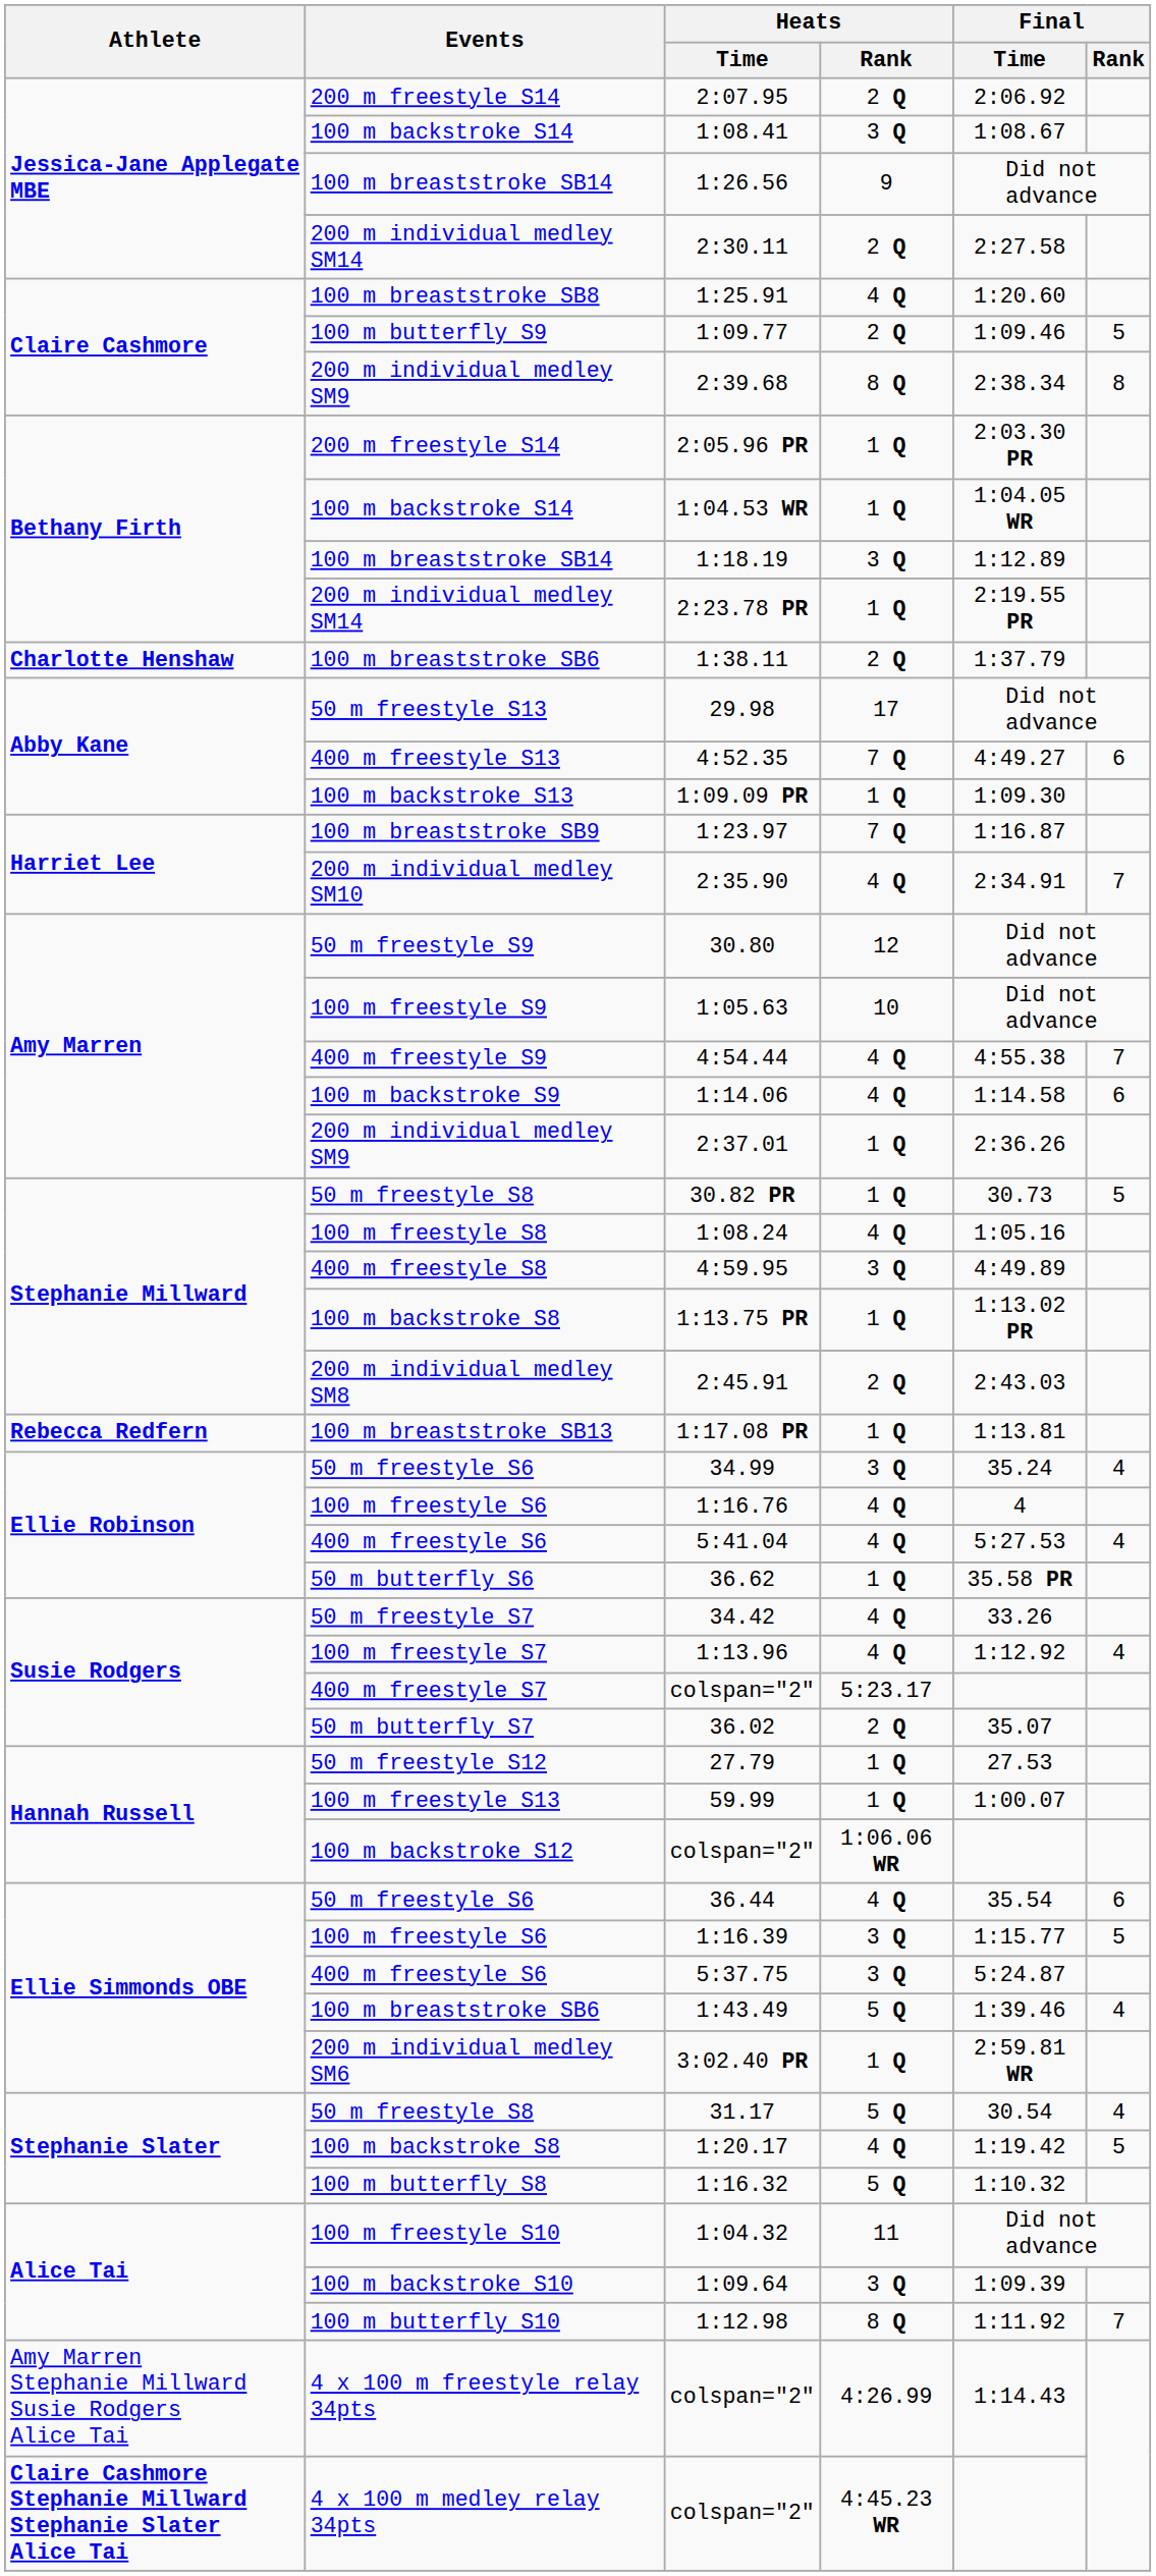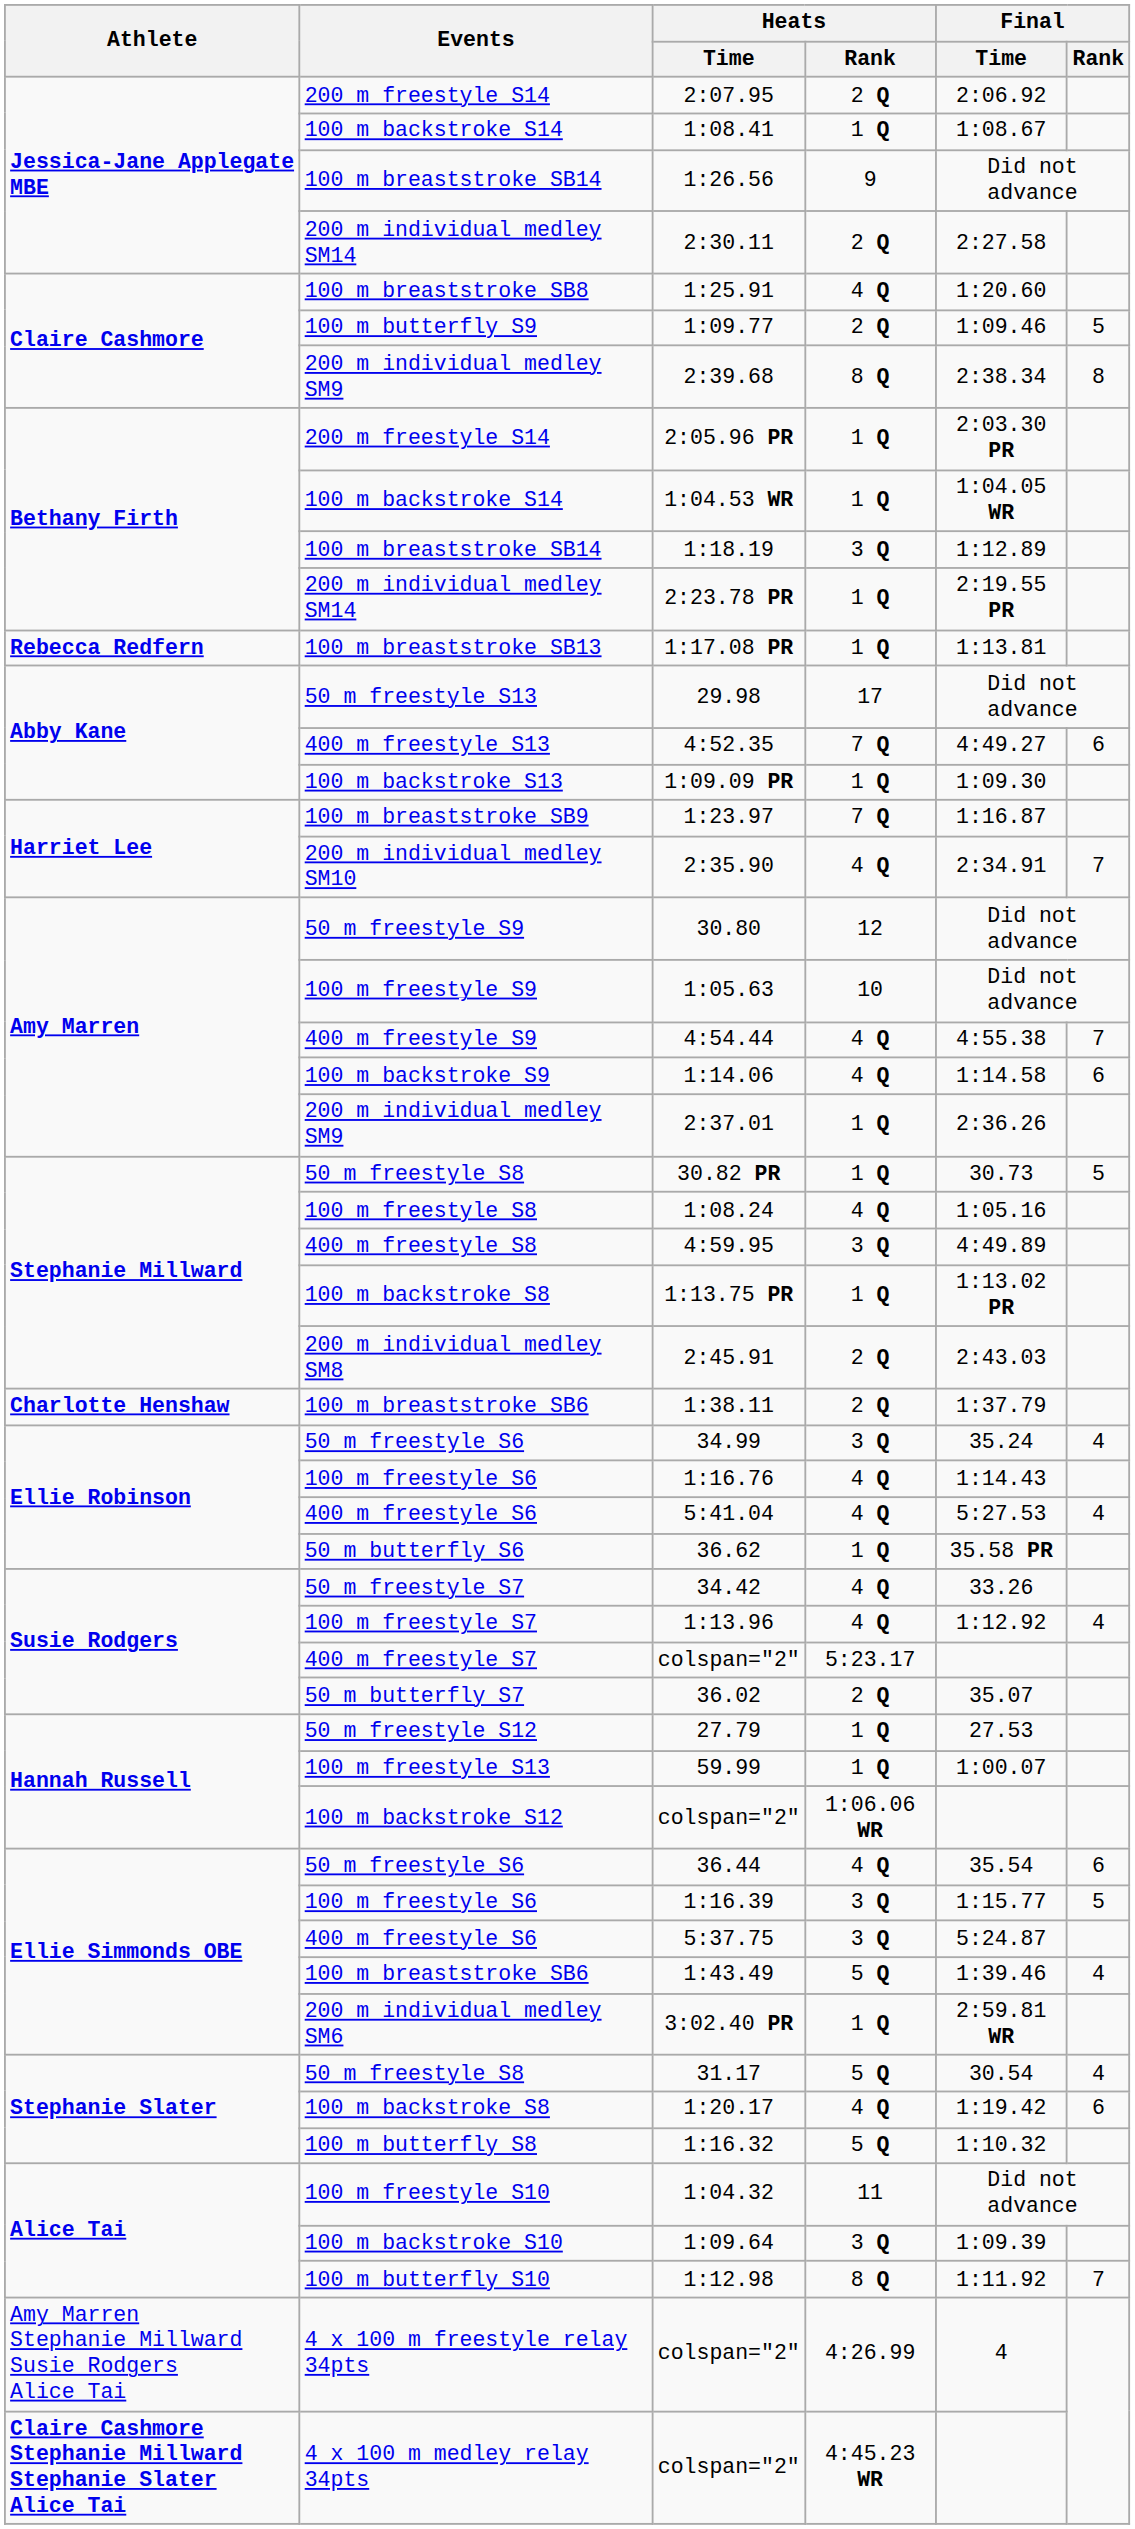 <table class=wikitable style="font-size:90%">
 <tr>
 <th rowspan="2">Athlete</th>
 <th rowspan="2">Events</th>
 <th colspan="2">Heats</th>
 <th colspan="2">Final</th>
 </tr>
 <tr>
 <th>Time</th>
 <th>Rank</th>
 <th>Time</th>
 <th>Rank</th>
 </tr>
 <tr align=center>
 <td style="text-align:left;" rowspan="4"><strong><a href='#'>Jessica-Jane Applegate MBE</a></strong></td>
 <td align=left><a href='#'>200 m freestyle S14</a></td>
 <td>2:07.95</td>
 <td>2 <strong>Q</strong></td>
 <td>2:06.92</td>
 <td></td>
 </tr>
 <tr align=center>
 <td align=left><a href='#'>100 m backstroke S14</a></td>
 <td>1:08.41</td>
-<td>3 <strong>Q</strong></td>
+<td>1 <strong>Q</strong></td>
 <td>1:08.67</td>
 <td></td>
 </tr>
 <tr align=center>
 <td align=left><a href='#'>100 m breaststroke SB14</a></td>
 <td>1:26.56</td>
 <td>9</td>
 <td colspan="2">Did not advance</td>
 </tr>
 <tr align=center>
 <td align=left><a href='#'>200 m individual medley SM14</a></td>
 <td>2:30.11</td>
 <td>2 <strong>Q</strong></td>
 <td>2:27.58</td>
 <td></td>
 </tr>
 <tr align=center>
 <td style="text-align:left;" rowspan="3"><strong><a href='#'>Claire Cashmore</a></strong></td>
 <td align=left><a href='#'>100 m breaststroke SB8</a></td>
 <td>1:25.91</td>
 <td>4 <strong>Q</strong></td>
 <td>1:20.60</td>
 <td></td>
 </tr>
 <tr align=center>
 <td align=left><a href='#'>100 m butterfly S9</a></td>
 <td>1:09.77</td>
 <td>2 <strong>Q</strong></td>
 <td>1:09.46</td>
 <td>5</td>
 </tr>
 <tr align=center>
 <td align=left><a href='#'>200 m individual medley SM9</a></td>
 <td>2:39.68</td>
 <td>8 <strong>Q</strong></td>
 <td>2:38.34</td>
 <td>8</td>
 </tr>
 <tr align=center>
 <td style="text-align:left;" rowspan="4"><strong><a href='#'>Bethany Firth</a></strong></td>
 <td align=left><a href='#'>200 m freestyle S14</a></td>
 <td>2:05.96 <strong>PR</strong></td>
 <td>1 <strong>Q</strong></td>
 <td>2:03.30 <strong>PR</strong></td>
 <td></td>
 </tr>
 <tr align=center>
 <td align=left><a href='#'>100 m backstroke S14</a></td>
 <td>1:04.53 <strong>WR</strong></td>
 <td>1 <strong>Q</strong></td>
 <td>1:04.05 <strong>WR</strong></td>
 <td></td>
 </tr>
 <tr align=center>
 <td align=left><a href='#'>100 m breaststroke SB14</a></td>
 <td>1:18.19</td>
 <td>3 <strong>Q</strong></td>
 <td>1:12.89</td>
 <td></td>
 </tr>
 <tr align=center>
 <td align=left><a href='#'>200 m individual medley SM14</a></td>
 <td>2:23.78 <strong>PR</strong></td>
 <td>1 <strong>Q</strong></td>
 <td>2:19.55 <strong>PR</strong></td>
 <td></td>
 </tr>
 <tr align=center>
-<td align=left><strong><a href='#'>Charlotte Henshaw</a></strong></td>
-<td align=left><a href='#'>100 m breaststroke SB6</a></td>
-<td>1:38.11</td>
-<td>2 <strong>Q</strong></td>
-<td>1:37.79</td>
+<td align=left><strong><a href='#'>Rebecca Redfern</a></strong></td>
+<td align=left><a href='#'>100 m breaststroke SB13</a></td>
+<td>1:17.08 <strong>PR</strong></td>
+<td>1 <strong>Q</strong></td>
+<td>1:13.81</td>
 <td></td>
 </tr>
 <tr align=center>
 <td style="text-align:left;" rowspan="3"><strong><a href='#'>Abby Kane</a></strong></td>
 <td align=left><a href='#'>50 m freestyle S13</a></td>
 <td>29.98</td>
 <td>17</td>
 <td colspan="2">Did not advance</td>
 </tr>
 <tr align=center>
 <td align=left><a href='#'>400 m freestyle S13</a></td>
 <td>4:52.35</td>
 <td>7 <strong>Q</strong></td>
 <td>4:49.27</td>
 <td>6</td>
 </tr>
 <tr align=center>
 <td align=left><a href='#'>100 m backstroke S13</a></td>
 <td>1:09.09 <strong>PR</strong></td>
 <td>1 <strong>Q</strong></td>
 <td>1:09.30</td>
 <td></td>
 </tr>
 <tr align=center>
 <td style="text-align:left;" rowspan="2"><strong><a href='#'>Harriet Lee</a></strong></td>
 <td align=left><a href='#'>100 m breaststroke SB9</a></td>
 <td>1:23.97</td>
 <td>7 <strong>Q</strong></td>
 <td>1:16.87</td>
 <td></td>
 </tr>
 <tr align=center>
 <td align=left><a href='#'>200 m individual medley SM10</a></td>
 <td>2:35.90</td>
 <td>4 <strong>Q</strong></td>
 <td>2:34.91</td>
 <td>7</td>
 </tr>
 <tr align=center>
 <td style="text-align:left;" rowspan="5"><strong><a href='#'>Amy Marren</a></strong></td>
 <td align=left><a href='#'>50 m freestyle S9</a></td>
 <td>30.80</td>
 <td>12</td>
 <td colspan="2">Did not advance</td>
 </tr>
 <tr align=center>
 <td align=left><a href='#'>100 m freestyle S9</a></td>
 <td>1:05.63</td>
 <td>10</td>
 <td colspan="2">Did not advance</td>
 </tr>
 <tr align=center>
 <td align=left><a href='#'>400 m freestyle S9</a></td>
 <td>4:54.44</td>
 <td>4 <strong>Q</strong></td>
 <td>4:55.38</td>
 <td>7</td>
 </tr>
 <tr align=center>
 <td align=left><a href='#'>100 m backstroke S9</a></td>
 <td>1:14.06</td>
 <td>4 <strong>Q</strong></td>
 <td>1:14.58</td>
 <td>6</td>
 </tr>
 <tr align=center>
 <td align=left><a href='#'>200 m individual medley SM9</a></td>
 <td>2:37.01</td>
 <td>1 <strong>Q</strong></td>
 <td>2:36.26</td>
 <td></td>
 </tr>
 <tr align=center>
 <td style="text-align:left;" rowspan="5"><strong><a href='#'>Stephanie Millward</a></strong></td>
 <td align=left><a href='#'>50 m freestyle S8</a></td>
 <td>30.82 <strong>PR</strong></td>
 <td>1 <strong>Q</strong></td>
 <td>30.73</td>
 <td>5</td>
 </tr>
 <tr align=center>
 <td align=left><a href='#'>100 m freestyle S8</a></td>
 <td>1:08.24</td>
 <td>4 <strong>Q</strong></td>
 <td>1:05.16</td>
 <td></td>
 </tr>
 <tr align=center>
 <td align=left><a href='#'>400 m freestyle S8</a></td>
 <td>4:59.95</td>
 <td>3 <strong>Q</strong></td>
 <td>4:49.89</td>
 <td></td>
 </tr>
 <tr align=center>
 <td align=left><a href='#'>100 m backstroke S8</a></td>
 <td>1:13.75 <strong>PR</strong></td>
 <td>1 <strong>Q</strong></td>
 <td>1:13.02 <strong>PR</strong></td>
 <td></td>
 </tr>
 <tr align=center>
 <td align=left><a href='#'>200 m individual medley SM8</a></td>
 <td>2:45.91</td>
 <td>2 <strong>Q</strong></td>
 <td>2:43.03</td>
 <td></td>
 </tr>
 <tr align=center>
-<td align=left><strong><a href='#'>Rebecca Redfern</a></strong></td>
-<td align=left><a href='#'>100 m breaststroke SB13</a></td>
-<td>1:17.08 <strong>PR</strong></td>
-<td>1 <strong>Q</strong></td>
-<td>1:13.81</td>
+<td align=left><strong><a href='#'>Charlotte Henshaw</a></strong></td>
+<td align=left><a href='#'>100 m breaststroke SB6</a></td>
+<td>1:38.11</td>
+<td>2 <strong>Q</strong></td>
+<td>1:37.79</td>
 <td></td>
 </tr>
 <tr align=center>
 <td style="text-align:left;" rowspan="4"><strong><a href='#'>Ellie Robinson</a></strong></td>
 <td align=left><a href='#'>50 m freestyle S6</a></td>
 <td>34.99</td>
 <td>3 <strong>Q</strong></td>
 <td>35.24</td>
 <td>4</td>
 </tr>
 <tr align=center>
 <td align=left><a href='#'>100 m freestyle S6</a></td>
 <td>1:16.76</td>
 <td>4 <strong>Q</strong></td>
-<td>4</td>
+<td>1:14.43</td>
 <td></td>
 </tr>
 <tr align=center>
 <td align=left><a href='#'>400 m freestyle S6</a></td>
 <td>5:41.04</td>
 <td>4 <strong>Q</strong></td>
 <td>5:27.53</td>
 <td>4</td>
 </tr>
 <tr align=center>
 <td align=left><a href='#'>50 m butterfly S6</a></td>
 <td>36.62</td>
 <td>1 <strong>Q</strong></td>
 <td>35.58 <strong>PR</strong></td>
 <td></td>
 </tr>
 <tr align=center>
 <td style="text-align:left;" rowspan="4"><strong><a href='#'>Susie Rodgers</a></strong></td>
 <td align=left><a href='#'>50 m freestyle S7</a></td>
 <td>34.42</td>
 <td>4 <strong>Q</strong></td>
 <td>33.26</td>
 <td></td>
 </tr>
 <tr align=center>
 <td align=left><a href='#'>100 m freestyle S7</a></td>
 <td>1:13.96</td>
 <td>4 <strong>Q</strong></td>
 <td>1:12.92</td>
 <td>4</td>
 </tr>
 <tr align=center>
 <td align=left><a href='#'>400 m freestyle S7</a></td>
 <td>colspan="2" </td>
 <td>5:23.17</td>
 <td></td>
 </tr>
 <tr align=center>
 <td align=left><a href='#'>50 m butterfly S7</a></td>
 <td>36.02</td>
 <td>2 <strong>Q</strong></td>
 <td>35.07</td>
 <td></td>
 </tr>
 <tr align=center>
 <td style="text-align:left;" rowspan="3"><strong><a href='#'>Hannah Russell</a></strong></td>
 <td align=left><a href='#'>50 m freestyle S12</a></td>
 <td>27.79</td>
 <td>1 <strong>Q</strong></td>
 <td>27.53</td>
 <td></td>
 </tr>
 <tr align=center>
 <td align=left><a href='#'>100 m freestyle S13</a></td>
 <td>59.99</td>
 <td>1 <strong>Q</strong></td>
 <td>1:00.07</td>
 <td></td>
 </tr>
 <tr align=center>
 <td align=left><a href='#'>100 m backstroke S12</a></td>
 <td>colspan="2" </td>
 <td>1:06.06 <strong>WR</strong></td>
 <td></td>
 </tr>
 <tr align=center>
 <td style="text-align:left;" rowspan="5"><strong><a href='#'>Ellie Simmonds OBE</a></strong></td>
 <td align=left><a href='#'>50 m freestyle S6</a></td>
 <td>36.44</td>
 <td>4 <strong>Q</strong></td>
 <td>35.54</td>
 <td>6</td>
 </tr>
 <tr align=center>
 <td align=left><a href='#'>100 m freestyle S6</a></td>
 <td>1:16.39</td>
 <td>3 <strong>Q</strong></td>
 <td>1:15.77</td>
 <td>5</td>
 </tr>
 <tr align=center>
 <td align=left><a href='#'>400 m freestyle S6</a></td>
 <td>5:37.75</td>
 <td>3 <strong>Q</strong></td>
 <td>5:24.87</td>
 <td></td>
 </tr>
 <tr align=center>
 <td align=left><a href='#'>100 m breaststroke SB6</a></td>
 <td>1:43.49</td>
 <td>5 <strong>Q</strong></td>
 <td>1:39.46</td>
 <td>4</td>
 </tr>
 <tr align=center>
 <td align=left><a href='#'>200 m individual medley SM6</a></td>
 <td>3:02.40 <strong>PR</strong></td>
 <td>1 <strong>Q</strong></td>
 <td>2:59.81 <strong>WR</strong></td>
 <td></td>
 </tr>
 <tr align=center>
 <td style="text-align:left;" rowspan="3"><strong><a href='#'>Stephanie Slater</a></strong></td>
 <td align=left><a href='#'>50 m freestyle S8</a></td>
 <td>31.17</td>
 <td>5 <strong>Q</strong></td>
 <td>30.54</td>
 <td>4</td>
 </tr>
 <tr align=center>
 <td align=left><a href='#'>100 m backstroke S8</a></td>
 <td>1:20.17</td>
 <td>4 <strong>Q</strong></td>
 <td>1:19.42</td>
-<td>5</td>
+<td>6</td>
 </tr>
 <tr align=center>
 <td align=left><a href='#'>100 m butterfly S8</a></td>
 <td>1:16.32</td>
 <td>5 <strong>Q</strong></td>
 <td>1:10.32</td>
 <td></td>
 </tr>
 <tr align=center>
 <td style="text-align:left;" rowspan="3"><strong><a href='#'>Alice Tai</a></strong></td>
 <td align=left><a href='#'>100 m freestyle S10</a></td>
 <td>1:04.32</td>
 <td>11</td>
 <td colspan="2">Did not advance</td>
 </tr>
 <tr align=center>
 <td align=left><a href='#'>100 m backstroke S10</a></td>
 <td>1:09.64</td>
 <td>3 <strong>Q</strong></td>
 <td>1:09.39</td>
 <td></td>
 </tr>
 <tr align=center>
 <td align=left><a href='#'>100 m butterfly S10</a></td>
 <td>1:12.98</td>
 <td>8 <strong>Q</strong></td>
 <td>1:11.92</td>
 <td>7</td>
 </tr>
 <tr align=center>
 <td align=left><a href='#'>Amy Marren</a><br><a href='#'>Stephanie Millward</a><br><a href='#'>Susie Rodgers</a><br><a href='#'>Alice Tai</a></td>
 <td align=left><a href='#'>4 x 100 m freestyle relay 34pts</a></td>
 <td>colspan="2" </td>
 <td>4:26.99</td>
-<td>1:14.43</td>
+<td>4</td>
 </tr>
 <tr align=center>
 <td align=left><strong><a href='#'>Claire Cashmore</a><br><a href='#'>Stephanie Millward</a><br><a href='#'>Stephanie Slater</a><br><a href='#'>Alice Tai</a></strong></td>
 <td align=left><a href='#'>4 x 100 m medley relay 34pts</a></td>
 <td>colspan="2" </td>
 <td>4:45.23 <strong>WR</strong></td>
 <td></td>
 </tr>
 </table>
